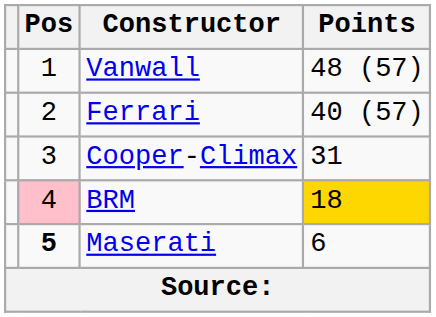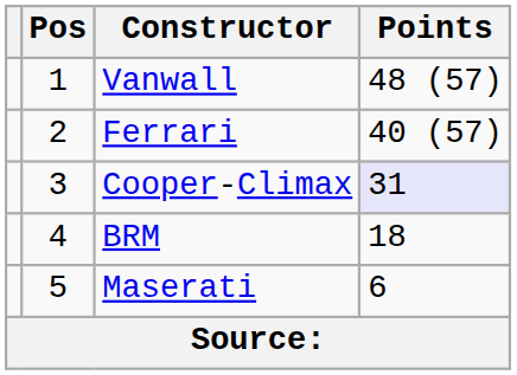 <table class="wikitable" style="font-size: 95%;">
 <tr>
 <th></th>
 <th>Pos</th>
 <th>Constructor</th>
 <th>Points</th>
 </tr>
 <tr>
 <td align="left"></td>
 <td align="center">1</td>
 <td> <a href='#'>Vanwall</a></td>
 <td align="left">48 (57)</td>
 </tr>
 <tr>
 <td align="left"></td>
 <td align="center">2</td>
 <td> <a href='#'>Ferrari</a></td>
 <td align="left">40 (57)</td>
 </tr>
 <tr>
 <td align="left"></td>
 <td align="center">3</td>
 <td> <a href='#'>Cooper</a>-<a href='#'>Climax</a></td>
-<td align="left">31</td>
+<td align="left" style="background: lavender;">31</td>
 </tr>
 <tr>
 <td align="left"></td>
-<td align="center" style="background: pink;">4</td>
+<td align="center">4</td>
 <td> <a href='#'>BRM</a></td>
-<td align="left" style="background: gold;">18</td>
+<td align="left">18</td>
 </tr>
 <tr>
 <td align="left"></td>
-<td align="center"><strong>5</strong></td>
+<td align="center">5</td>
 <td> <a href='#'>Maserati</a></td>
 <td align="left">6</td>
 </tr>
 <tr>
 <th colspan=4>Source: </th>
 </tr>
 </table>
